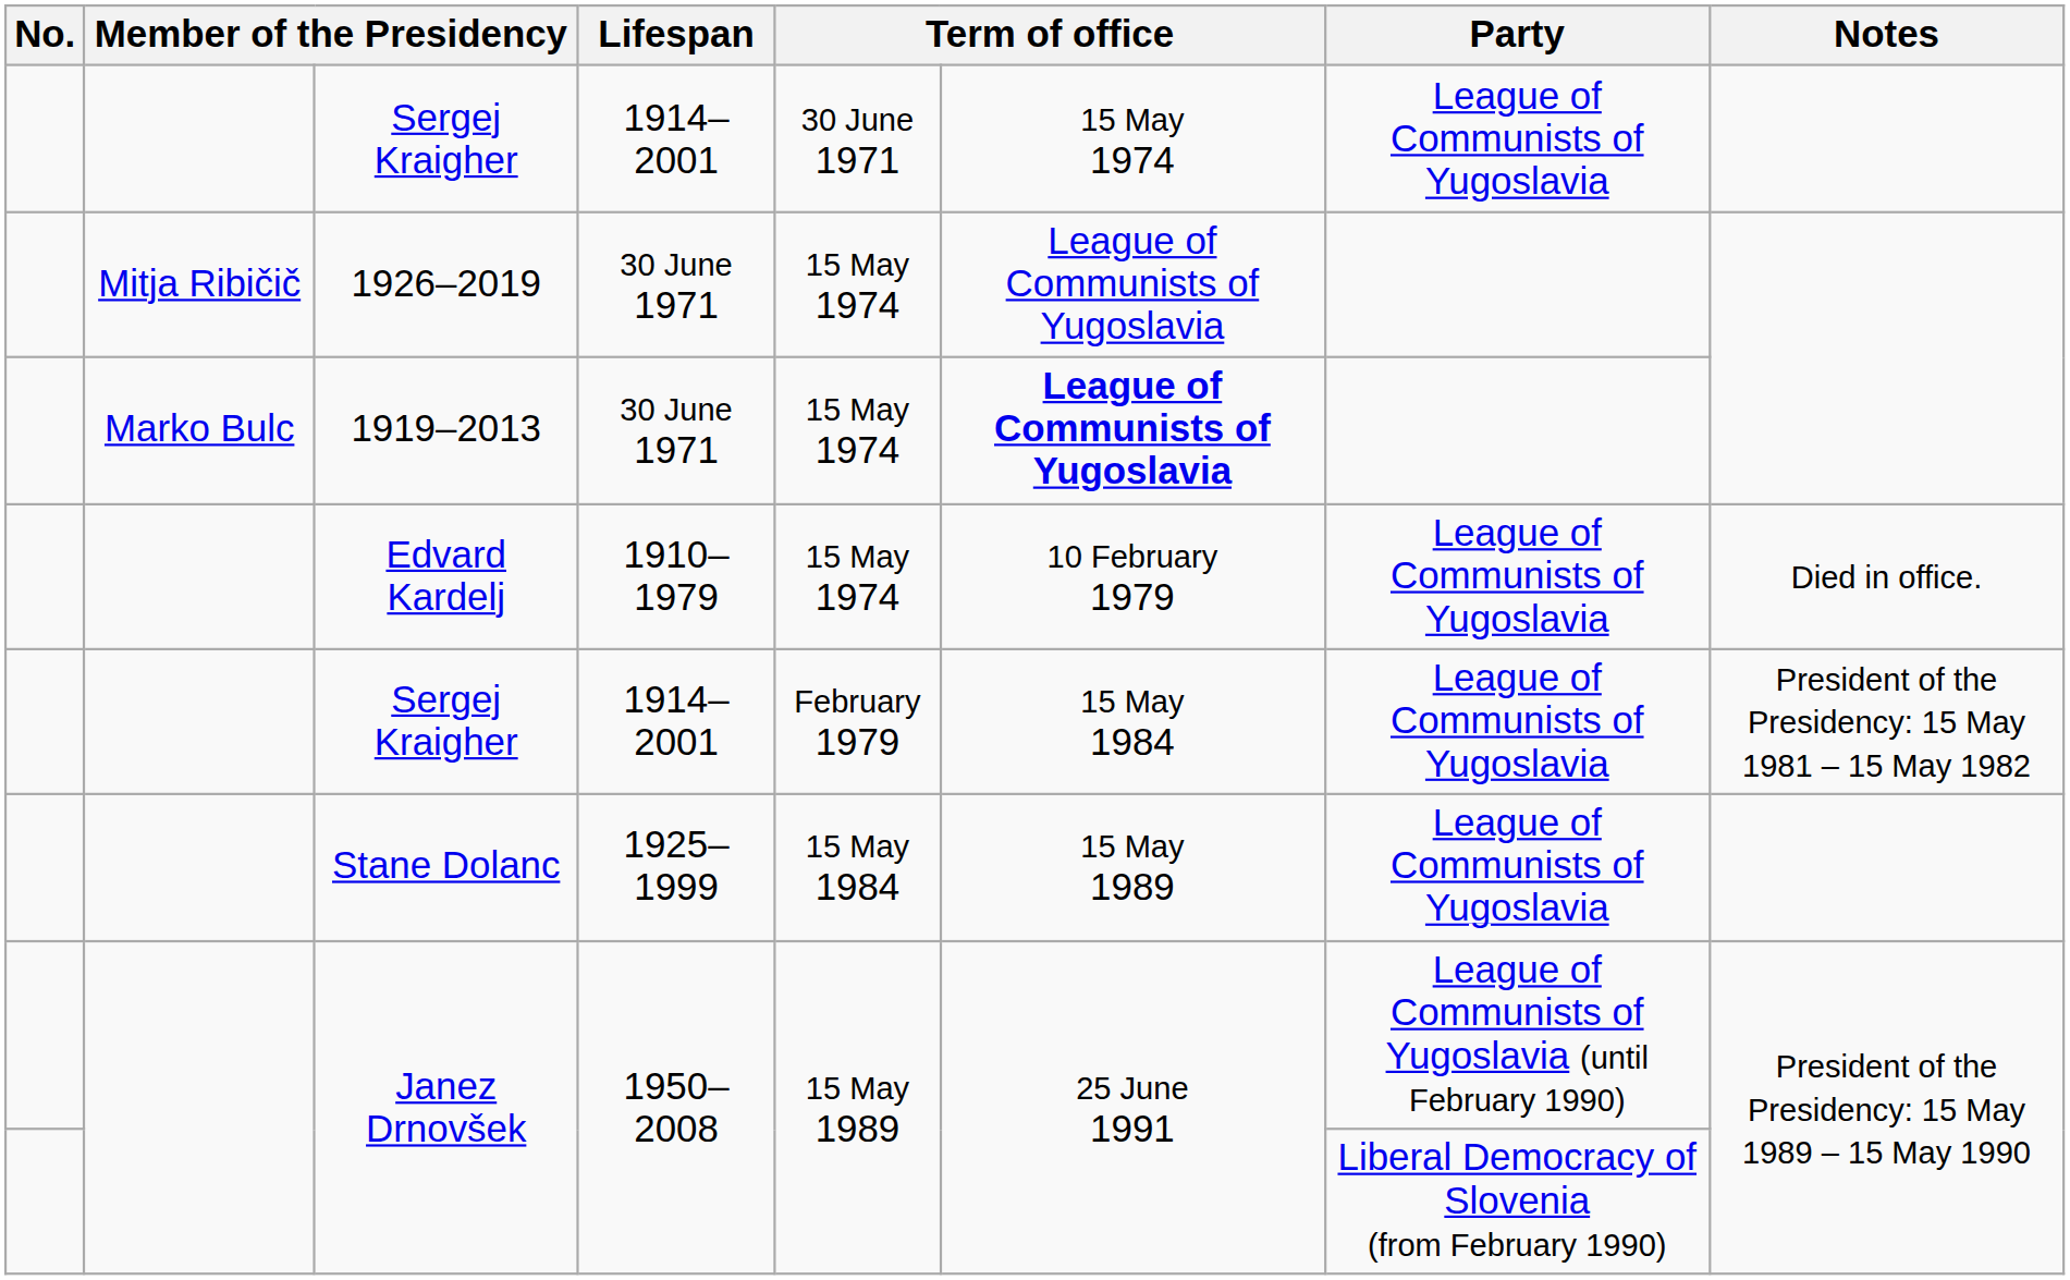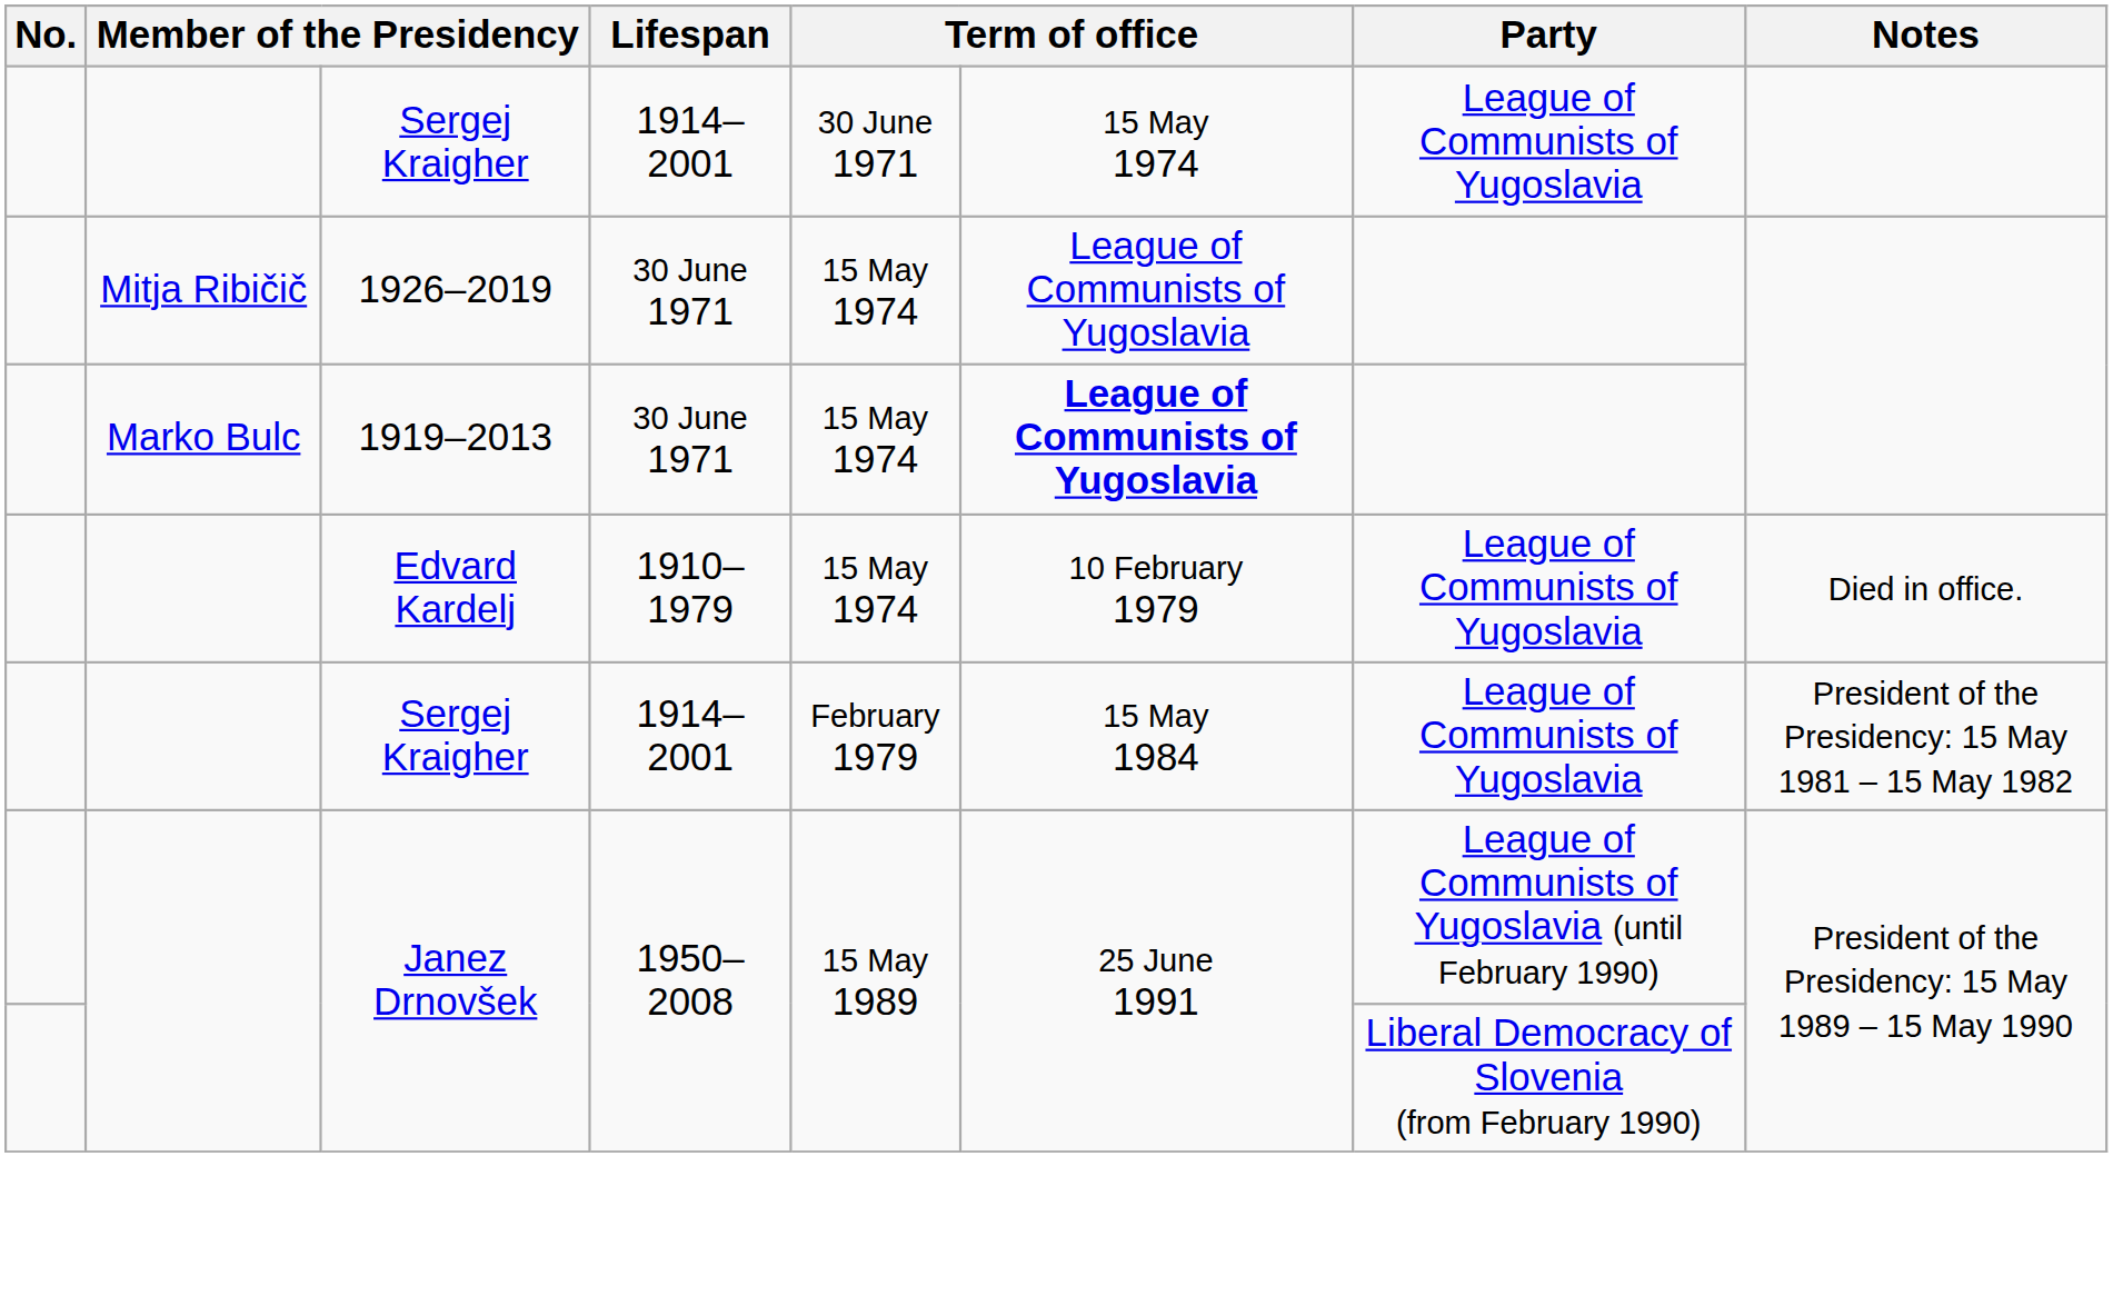 <table class="wikitable" style="text-align:center">
 <tr>
 <th>No.</th>
 <th colspan="2">Member of the Presidency</th>
 <th>Lifespan</th>
 <th colspan="2">Term of office</th>
 <th>Party</th>
 <th>Notes</th>
 </tr>
 <tr>
 <td style="background: "></td>
 <td style="width:1em;"></td>
 <td style="width:11em;"><a href='#'>Sergej Kraigher</a></td>
 <td style="width:6em;">1914–2001</td>
 <td style="width:5em;"><small>30 June</small><br>1971</td>
 <td style="width:5em;"><small>15 May</small><br>1974</td>
 <td style="width:17em;"><a href='#'>League of Communists of Yugoslavia</a></td>
 <td style="width:18em;"><small></small></td>
 </tr>
 <tr>
 <td style="width:1em;"></td>
 <td style="width:11em;"><a href='#'>Mitja Ribičič</a></td>
 <td style="width:6em;">1926–2019</td>
 <td style="width:5em;"><small>30 June</small><br>1971</td>
 <td style="width:5em;"><small>15 May</small><br>1974</td>
 <td style="width:17em;"><a href='#'>League of Communists of Yugoslavia</a></td>
 <td style="width:18em;"><small></small></td>
 </tr>
 <tr>
 <td style="width:1em;"></td>
 <td style="width:11em;"><a href='#'>Marko Bulc</a></td>
 <td style="width:6em;">1919–2013</td>
 <td style="width:5em;"><small>30 June</small><br>1971</td>
 <td style="width:5em;"><small>15 May</small><br>1974</td>
 <td style="width:17em;"><strong><a href='#'>League of Communists of Yugoslavia</a></strong></td>
 <td style="width:18em;"><small></small></td>
 </tr>
 <tr>
 <td style="background: "></td>
 <td style="width:1em;"></td>
 <td style="width:11em;"><a href='#'>Edvard Kardelj</a></td>
 <td style="width:6em;">1910–1979</td>
 <td style="width:5em;"><small>15 May</small><br>1974</td>
 <td style="width:5em;"><small>10 February</small><br>1979</td>
 <td style="width:17em;"><a href='#'>League of Communists of Yugoslavia</a></td>
 <td style="width:18em;"><small>Died in office.</small></td>
 </tr>
 <tr>
 <td style="background: "></td>
 <td style="width:1em;"></td>
 <td style="width:11em;"><a href='#'>Sergej Kraigher</a></td>
 <td style="width:6em;">1914–2001</td>
 <td style="width:5em;"><small>February</small><br>1979</td>
 <td style="width:5em;"><small>15 May</small><br>1984</td>
 <td style="width:17em;"><a href='#'>League of Communists of Yugoslavia</a></td>
 <td style="width:18em;"><small>President of the Presidency: 15 May 1981 – 15 May 1982</small></td>
 </tr>
 <tr>
 <td style="background: "></td>
-<td style="width:1em;"></td>
-<td style="width:11em;"><a href='#'>Stane Dolanc</a></td>
-<td style="width:6em;">1925–1999</td>
-<td style="width:5em;"><small>15 May</small><br>1984</td>
-<td style="width:5em;"><small>15 May</small><br>1989</td>
-<td style="width:17em;"><a href='#'>League of Communists of Yugoslavia</a></td>
-<td style="width:18em;"><small></small></td>
-</tr>
-<tr>
-<td style="background: "></td>
 <td style="width:1em;" rowspan="2"></td>
 <td style="width:11em;" rowspan="2"><a href='#'>Janez Drnovšek</a></td>
 <td style="width:6em;" rowspan="2">1950–2008</td>
 <td style="width:5em;" rowspan="2"><small>15 May</small><br>1989</td>
 <td style="width:5em;" rowspan="2"><small>25 June</small><br>1991</td>
 <td style="width:17em;"><a href='#'>League of Communists of Yugoslavia</a> <small>(until February 1990)</small></td>
 <td style="width:18em;" rowspan="2"><small>President of the Presidency: 15 May 1989 – 15 May 1990</small></td>
 </tr>
 <tr>
 <td style="background: "></td>
 <td style="width:17em;"><a href='#'>Liberal Democracy of Slovenia</a><br><small>(from February 1990)</small></td>
 </tr>
 </table>
